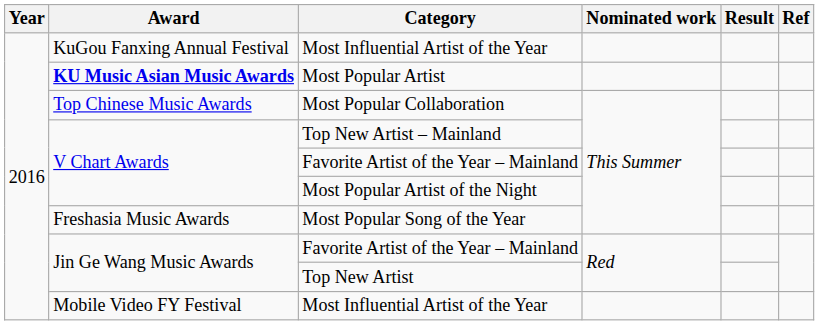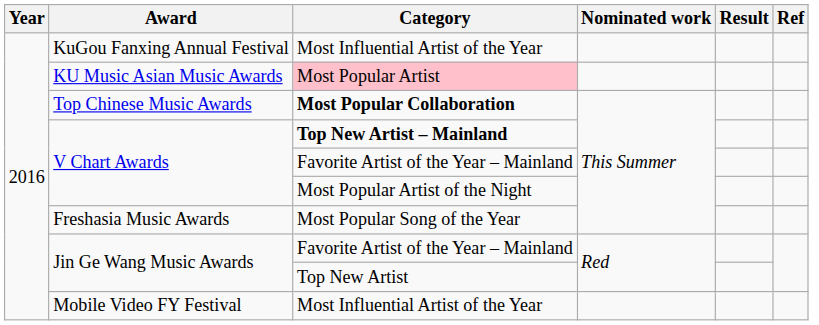 <table class="wikitable">
 <tr>
 <th>Year</th>
 <th>Award</th>
 <th>Category</th>
 <th>Nominated work</th>
 <th>Result</th>
 <th>Ref</th>
 </tr>
 <tr>
 <td rowspan=11>2016</td>
 <td>KuGou Fanxing Annual Festival</td>
 <td>Most Influential Artist of the Year</td>
 <td></td>
 <td></td>
 <td></td>
 </tr>
 <tr>
-<td><strong><a href='#'>KU Music Asian Music Awards</a></strong></td>
-<td>Most Popular Artist</td>
+<td><a href='#'>KU Music Asian Music Awards</a></td>
+<td style="background: pink;">Most Popular Artist</td>
 <td></td>
 <td></td>
 <td></td>
 </tr>
 <tr>
 <td><a href='#'>Top Chinese Music Awards</a></td>
-<td>Most Popular Collaboration</td>
+<td><strong>Most Popular Collaboration</strong></td>
 <td rowspan=5><em>This Summer</em></td>
 <td></td>
 <td></td>
 </tr>
 <tr>
 <td rowspan=3><a href='#'>V Chart Awards</a></td>
-<td>Top New Artist – Mainland</td>
+<td><strong>Top New Artist – Mainland</strong></td>
 <td></td>
 <td></td>
 </tr>
 <tr>
 <td>Favorite Artist of the Year – Mainland</td>
 <td></td>
 <td></td>
 </tr>
 <tr>
 <td>Most Popular Artist of the Night</td>
 <td></td>
 <td></td>
 </tr>
 <tr>
 <td>Freshasia Music Awards</td>
 <td>Most Popular Song of the Year</td>
 <td></td>
 <td></td>
 </tr>
 <tr>
 <td rowspan=2>Jin Ge Wang Music Awards</td>
 <td>Favorite Artist of the Year – Mainland</td>
 <td rowspan=2><em>Red</em></td>
 <td></td>
 <td rowspan=2></td>
 </tr>
 <tr>
 <td>Top New Artist</td>
 <td></td>
 </tr>
 <tr>
 <td>Mobile Video FY Festival</td>
 <td>Most Influential Artist of the Year</td>
 <td></td>
 <td></td>
 <td></td>
 </tr>
 </table>
